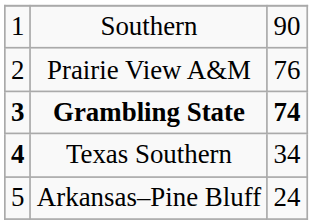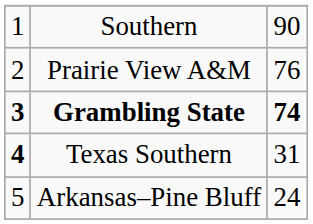 <table class="wikitable" style="display: inline-table;">
 <tr align="center">
 </tr>
 <tr align="center">
 <td>1</td>
 <td>Southern</td>
 <td>90</td>
 </tr>
 <tr align="center">
 <td>2</td>
 <td>Prairie View A&M</td>
 <td>76</td>
 </tr>
 <tr align="center">
 <td><strong>3</strong></td>
 <td><strong>Grambling State</strong></td>
 <td><strong>74</strong></td>
 </tr>
 <tr align="center">
 <td><strong>4</strong></td>
 <td>Texas Southern</td>
-<td>34</td>
+<td>31</td>
 </tr>
 <tr align="center">
 <td>5</td>
 <td>Arkansas–Pine Bluff</td>
 <td>24</td>
 </tr>
 </table>
